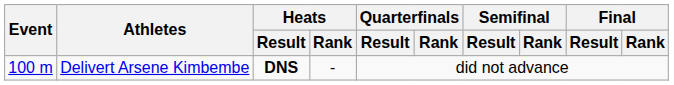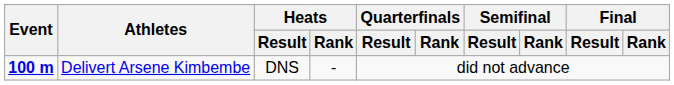 <table class="wikitable" border="1" style="font-size:90%">
 <tr>
 <th rowspan="2">Event</th>
 <th rowspan="2">Athletes</th>
 <th colspan="2">Heats</th>
 <th colspan="2">Quarterfinals</th>
 <th colspan="2">Semifinal</th>
 <th colspan="2">Final</th>
 </tr>
 <tr>
 <th>Result</th>
 <th>Rank</th>
 <th>Result</th>
 <th>Rank</th>
 <th>Result</th>
 <th>Rank</th>
 <th>Result</th>
 <th>Rank</th>
 </tr>
 <tr>
-<td><a href='#'>100 m</a></td>
+<td><strong><a href='#'>100 m</a></strong></td>
 <td><a href='#'>Delivert Arsene Kimbembe</a></td>
-<td align=center><strong>DNS</strong></td>
+<td align=center>DNS</td>
 <td align=center>-</td>
 <td align=center colspan=6>did not advance</td>
 </tr>
 </table>
